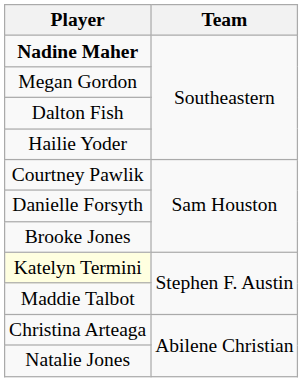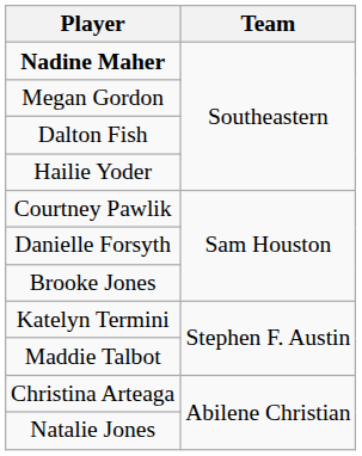 <table class="wikitable" style="text-align: center;">
 <tr>
 <th>Player</th>
 <th>Team</th>
 </tr>
 <tr>
 <td><strong>Nadine Maher</strong></td>
 <td rowspan=4>Southeastern</td>
 </tr>
 <tr>
 <td>Megan Gordon</td>
 </tr>
 <tr>
 <td>Dalton Fish</td>
 </tr>
 <tr>
 <td>Hailie Yoder</td>
 </tr>
 <tr>
 <td>Courtney Pawlik</td>
 <td rowspan=3>Sam Houston</td>
 </tr>
 <tr>
 <td>Danielle Forsyth</td>
 </tr>
 <tr>
 <td>Brooke Jones</td>
 </tr>
 <tr>
-<td style="background: lightyellow;">Katelyn Termini</td>
+<td>Katelyn Termini</td>
 <td rowspan=2>Stephen F. Austin</td>
 </tr>
 <tr>
 <td>Maddie Talbot</td>
 </tr>
 <tr>
 <td>Christina Arteaga</td>
 <td rowspan=2>Abilene Christian</td>
 </tr>
 <tr>
 <td>Natalie Jones</td>
 </tr>
 </table>
